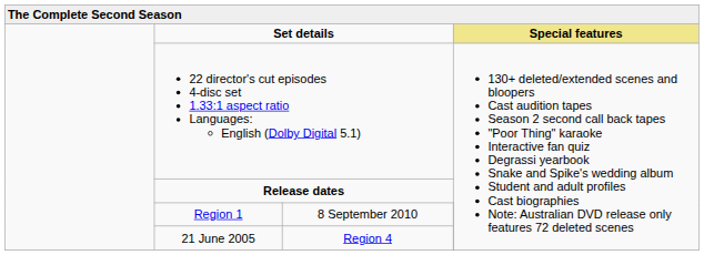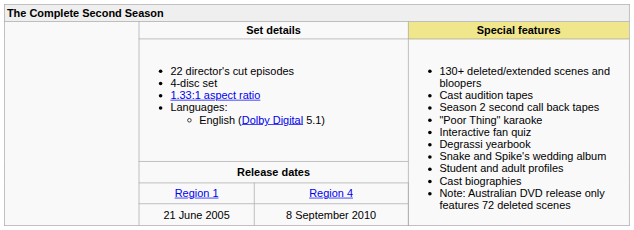 <table class="wikitable" style="font-size: 95%;">
 <tr style="background:#EFEFEF">
 <td colspan="5"><strong>The Complete Second Season</strong></td>
 </tr>
 <tr valign="top">
 <td rowspan="5" valign="center" align="center" width="180"></td>
 <td align="center" width="400" colspan="3"><strong>Set details</strong></td>
 <td width="300" align="center" style="background: khaki;"><strong>Special features</strong></td>
 </tr>
 <tr valign="top">
 <td colspan="3" align="left" width="400"><br><ul><li>22 director's cut episodes</li><li>4-disc set</li><li><a href='#'>1.33:1 aspect ratio</a></li><li>Languages:<ul><li>English (<a href='#'>Dolby Digital</a> 5.1)</li></ul></li></ul></td>
 <td rowspan="4" align="left" width="300"><br><ul><li>130+ deleted/extended scenes and bloopers</li><li>Cast audition tapes</li><li>Season 2 second call back tapes</li><li>"Poor Thing" karaoke</li><li>Interactive fan quiz</li><li>Degrassi yearbook</li><li>Snake and Spike's wedding album</li><li>Student and adult profiles</li><li>Cast biographies</li><li>Note: Australian DVD release only features 72 deleted scenes</li></ul></td>
 </tr>
 <tr>
 <td colspan="3" align="center"><strong>Release dates</strong></td>
 </tr>
 <tr>
 <td align="center"> <a href='#'>Region 1</a></td>
-<td align="center">8 September 2010</td>
+<td align="center"> <a href='#'>Region 4</a></td>
 </tr>
 <tr>
 <td align="center">21 June 2005</td>
-<td align="center"> <a href='#'>Region 4</a></td>
+<td align="center">8 September 2010</td>
 </tr>
 </table>
